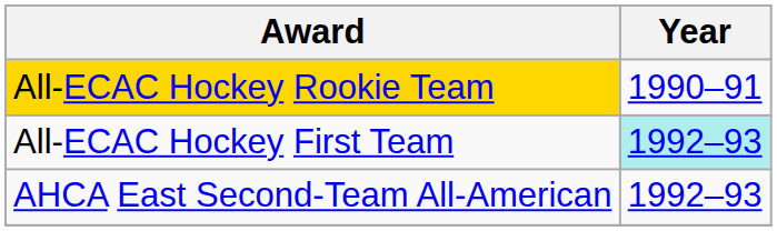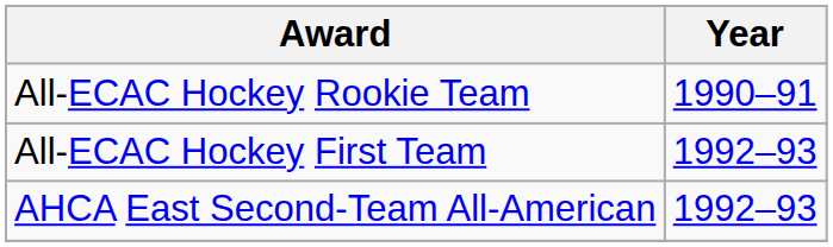 <table class="wikitable">
 <tr>
 <th>Award</th>
 <th>Year</th>
 </tr>
 <tr>
-<td style="background: gold;">All-<a href='#'>ECAC Hockey</a> <a href='#'>Rookie Team</a></td>
+<td>All-<a href='#'>ECAC Hockey</a> <a href='#'>Rookie Team</a></td>
 <td><a href='#'>1990–91</a></td>
 </tr>
 <tr>
 <td>All-<a href='#'>ECAC Hockey</a> <a href='#'>First Team</a></td>
-<td style="background: paleturquoise;"><a href='#'>1992–93</a></td>
+<td><a href='#'>1992–93</a></td>
 </tr>
 <tr>
 <td><a href='#'>AHCA</a> <a href='#'>East Second-Team All-American</a></td>
 <td><a href='#'>1992–93</a></td>
 </tr>
 <tr>
 </tr>
 </table>
